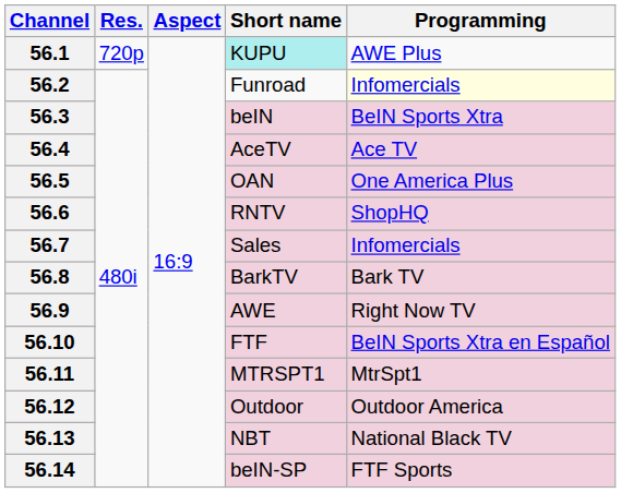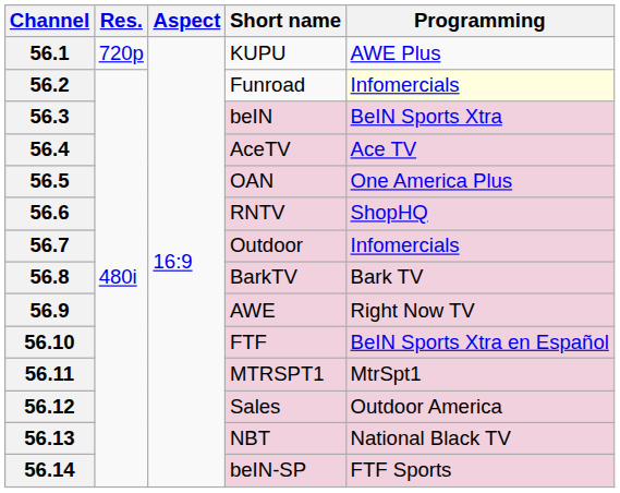 <table class="wikitable">
 <tr>
 <th scope = "col"><a href='#'>Channel</a></th>
 <th scope = "col"><a href='#'>Res.</a></th>
 <th scope = "col"><a href='#'>Aspect</a></th>
 <th scope = "col">Short name</th>
 <th scope = "col">Programming</th>
 </tr>
 <tr>
 <th scope = "row">56.1</th>
 <td><a href='#'>720p</a></td>
 <td rowspan=14><a href='#'>16:9</a></td>
-<td style="background: paleturquoise;">KUPU</td>
+<td>KUPU</td>
 <td><a href='#'>AWE Plus</a> </td>
 </tr>
 <tr>
 <th scope = "row">56.2</th>
 <td rowspan=13><a href='#'>480i</a></td>
 <td>Funroad</td>
 <td style="background: lightyellow;"><a href='#'>Infomercials</a></td>
 </tr>
 <tr style="background-color: #f2d1de;">
 <th scope = "row">56.3</th>
 <td>beIN</td>
 <td><a href='#'>BeIN Sports Xtra</a> </td>
 </tr>
 <tr style="background-color: #f2d1de;">
 <th scope = "row">56.4</th>
 <td>AceTV</td>
 <td><a href='#'>Ace TV</a> </td>
 </tr>
 <tr style="background-color: #f2d1de;">
 <th scope = "row">56.5</th>
 <td>OAN</td>
 <td><a href='#'>One America Plus</a> </td>
 </tr>
 <tr style="background-color: #f2d1de;">
 <th scope = "row">56.6</th>
 <td>RNTV</td>
 <td><a href='#'>ShopHQ</a></td>
 </tr>
 <tr style="background-color: #f2d1de;">
 <th scope = "row">56.7</th>
-<td>Sales</td>
+<td>Outdoor</td>
 <td><a href='#'>Infomercials</a> </td>
 </tr>
 <tr style="background-color: #f2d1de;">
 <th scope = "row">56.8</th>
 <td>BarkTV</td>
 <td>Bark TV </td>
 </tr>
 <tr style="background-color: #f2d1de;">
 <th scope = "row">56.9</th>
 <td>AWE</td>
 <td>Right Now TV </td>
 </tr>
 <tr style="background-color: #f2d1de;">
 <th scope = "row">56.10</th>
 <td>FTF</td>
 <td><a href='#'>BeIN Sports Xtra en Español</a> </td>
 </tr>
 <tr style="background-color: #f2d1de;">
 <th scope = "row">56.11</th>
 <td>MTRSPT1</td>
 <td>MtrSpt1 </td>
 </tr>
 <tr style="background-color: #f2d1de;">
 <th scope = "row">56.12</th>
-<td>Outdoor</td>
+<td>Sales</td>
 <td>Outdoor America </td>
 </tr>
 <tr style="background-color: #f2d1de;">
 <th scope = "row">56.13</th>
 <td>NBT</td>
 <td>National Black TV </td>
 </tr>
 <tr style="background-color: #f2d1de;">
 <th scope = "row">56.14</th>
 <td>beIN-SP</td>
 <td>FTF Sports </td>
 </tr>
 </table>
